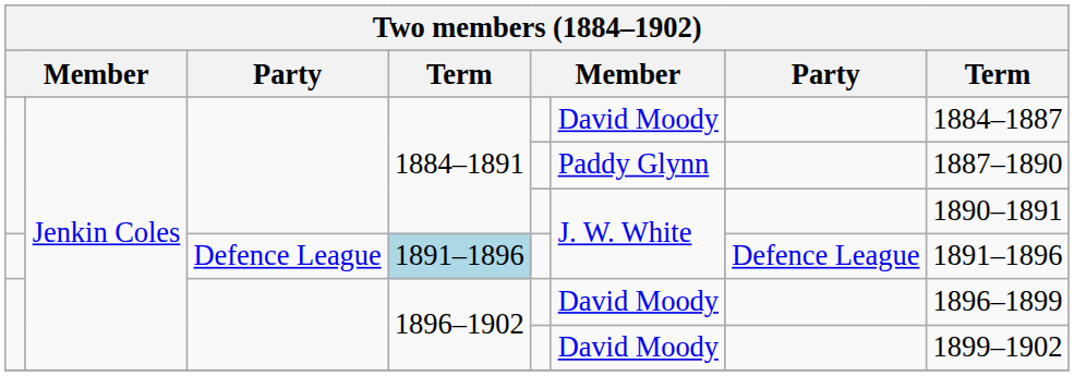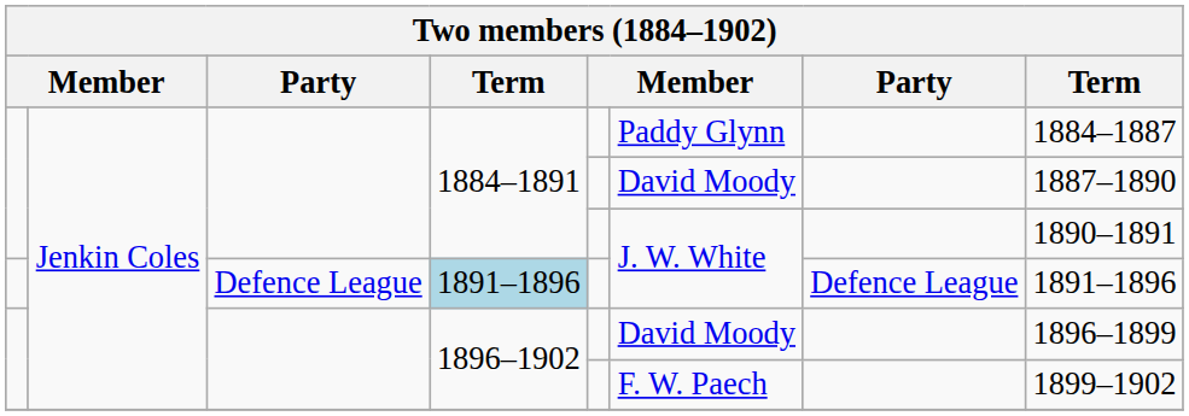 <table class="wikitable">
 <tr>
 <th colspan="8">Two members (1884–1902)</th>
 </tr>
 <tr>
 <th colspan="2">Member</th>
 <th>Party</th>
 <th>Term</th>
 <th colspan="2">Member</th>
 <th>Party</th>
 <th>Term</th>
 </tr>
 <tr>
 <td rowspan="3" > </td>
 <td rowspan="6"><a href='#'>Jenkin Coles</a></td>
 <td rowspan="3"></td>
 <td rowspan="3">1884–1891</td>
 <td> </td>
-<td><a href='#'>David Moody</a></td>
+<td><a href='#'>Paddy Glynn</a></td>
 <td></td>
 <td>1884–1887</td>
 </tr>
 <tr>
 <td> </td>
-<td><a href='#'>Paddy Glynn</a></td>
+<td><a href='#'>David Moody</a></td>
 <td></td>
 <td>1887–1890</td>
 </tr>
 <tr>
 <td> </td>
 <td rowspan=2><a href='#'>J. W. White</a></td>
 <td></td>
 <td>1890–1891</td>
 </tr>
 <tr>
 <td> </td>
 <td><a href='#'>Defence League</a></td>
 <td style="background: lightblue;">1891–1896</td>
 <td> </td>
 <td><a href='#'>Defence League</a></td>
 <td>1891–1896</td>
 </tr>
 <tr>
 <td rowspan=2 > </td>
 <td rowspan=2></td>
 <td rowspan=2>1896–1902</td>
 <td> </td>
 <td><a href='#'>David Moody</a></td>
 <td></td>
 <td>1896–1899</td>
 </tr>
 <tr>
 <td> </td>
-<td><a href='#'>David Moody</a></td>
+<td><a href='#'>F. W. Paech</a></td>
 <td></td>
 <td>1899–1902</td>
 </tr>
 <tr>
 </tr>
 </table>
